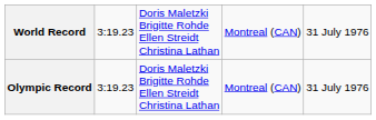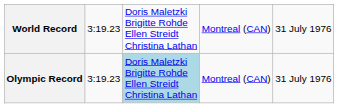 <table class="wikitable" style="text-align:left">
 <tr>
 <th>World Record</th>
 <td>3:19.23</td>
 <td> <a href='#'>Doris Maletzki</a><br> <a href='#'>Brigitte Rohde</a> <br> <a href='#'>Ellen Streidt</a><br> <a href='#'>Christina Lathan</a></td>
 <td><a href='#'>Montreal</a> (<a href='#'>CAN</a>)</td>
 <td>31 July 1976</td>
 </tr>
 <tr>
 <th>Olympic Record</th>
 <td>3:19.23</td>
-<td> <a href='#'>Doris Maletzki</a><br> <a href='#'>Brigitte Rohde</a> <br> <a href='#'>Ellen Streidt</a><br> <a href='#'>Christina Lathan</a></td>
+<td style="background: lightblue;"> <a href='#'>Doris Maletzki</a><br> <a href='#'>Brigitte Rohde</a> <br> <a href='#'>Ellen Streidt</a><br> <a href='#'>Christina Lathan</a></td>
 <td><a href='#'>Montreal</a> (<a href='#'>CAN</a>)</td>
 <td>31 July 1976</td>
 </tr>
 </table>
